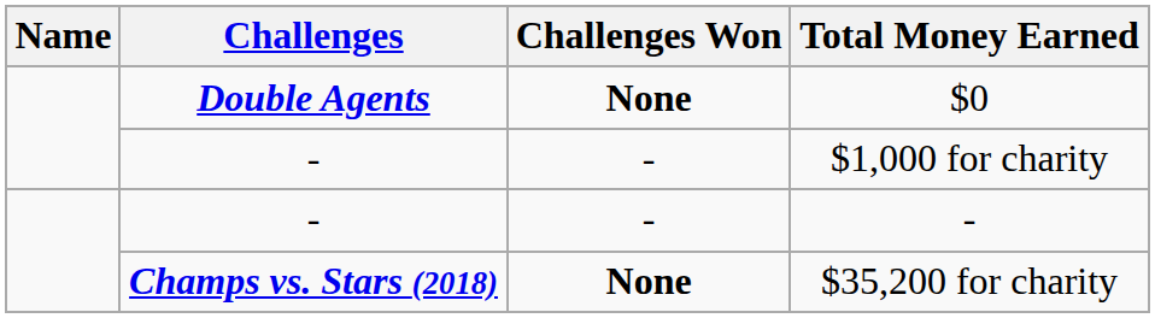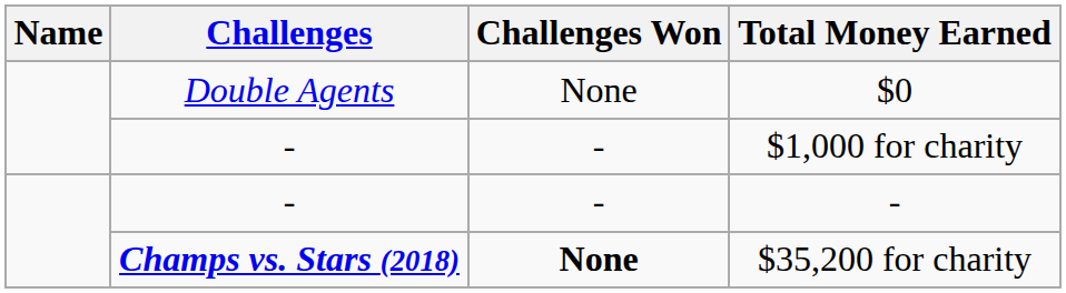 <table class="wikitable" style="text-align: center">
 <tr>
 <th>Name</th>
 <th><a href='#'>Challenges</a></th>
 <th>Challenges Won</th>
 <th>Total Money Earned</th>
 </tr>
 <tr>
 <td rowspan=2></td>
-<td><strong><em><a href='#'>Double Agents</a></em></strong></td>
-<td><strong>None</strong></td>
+<td><em><a href='#'>Double Agents</a></em></td>
+<td>None</td>
 <td>$0</td>
 </tr>
 <tr>
 <td>-</td>
 <td>-</td>
 <td>$1,000 for charity</td>
 </tr>
 <tr>
 <td rowspan=2></td>
 <td>-</td>
 <td>-</td>
 <td>-</td>
 </tr>
 <tr>
 <td><strong><em><a href='#'>Champs vs. Stars <small>(2018)</small></a></em></strong></td>
 <td><strong>None</strong></td>
 <td>$35,200 for charity</td>
 </tr>
 </table>
